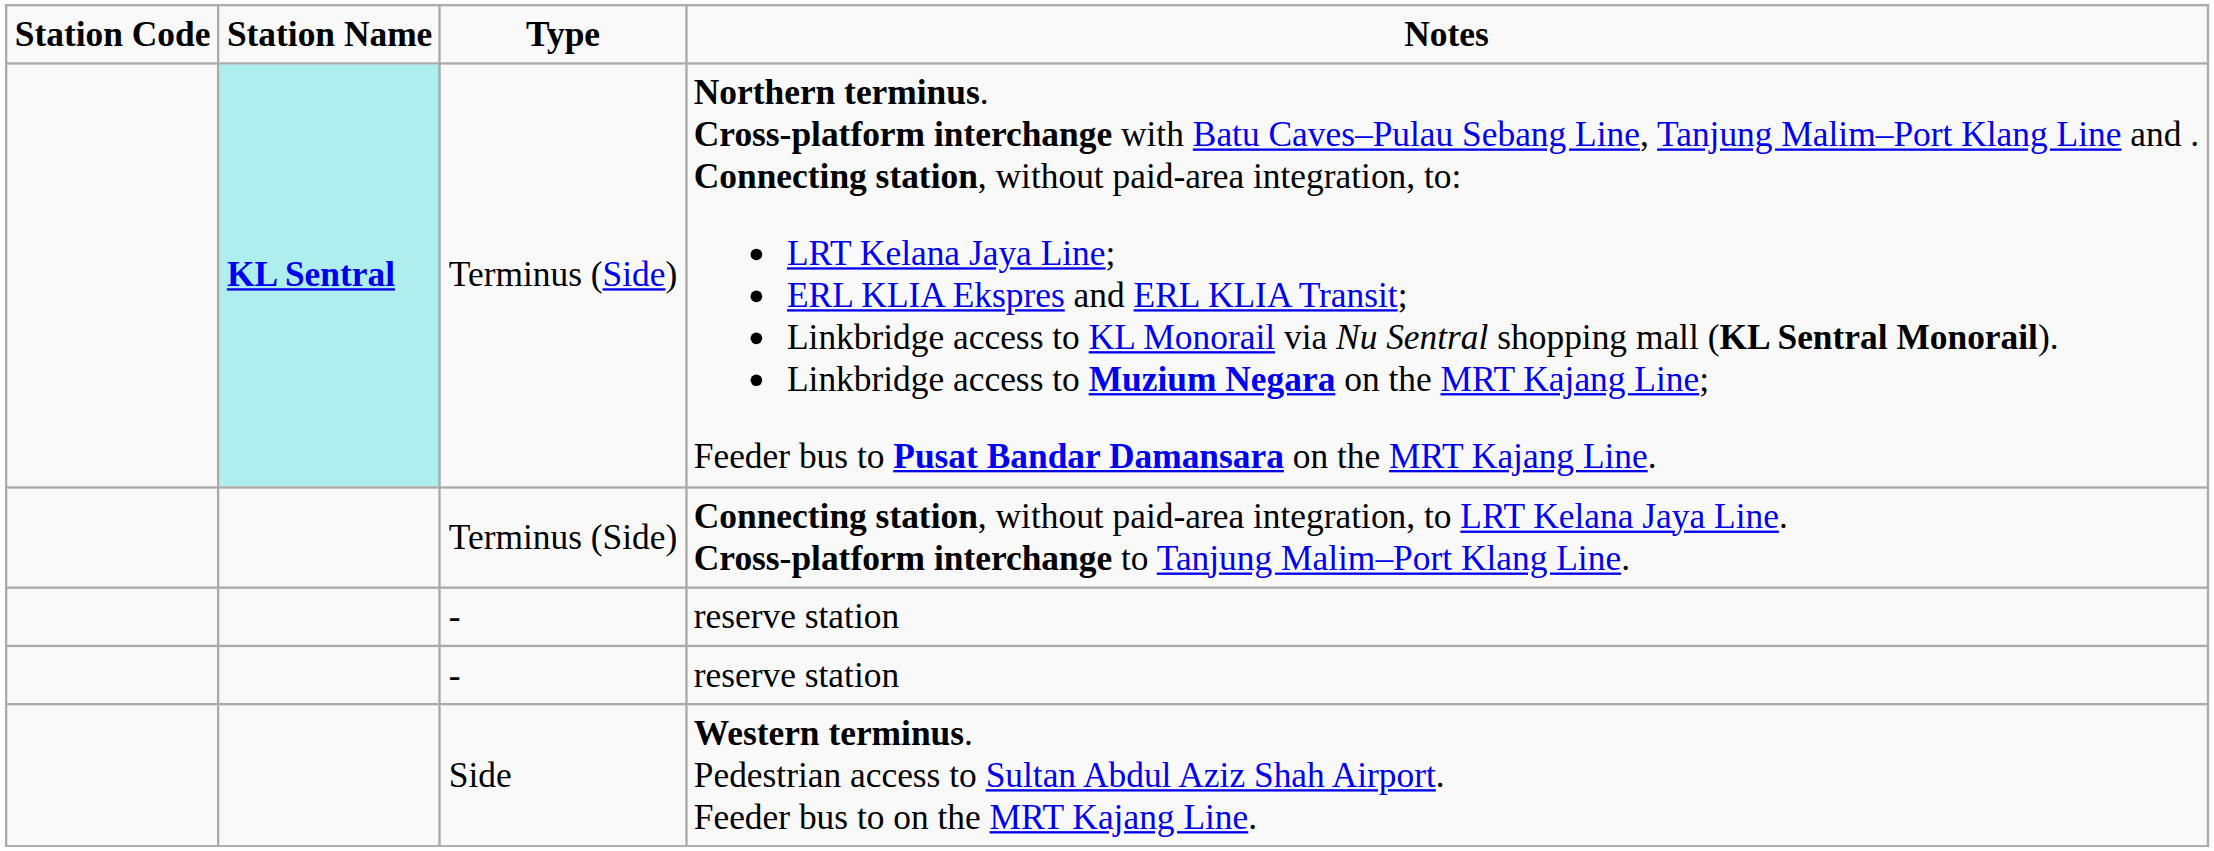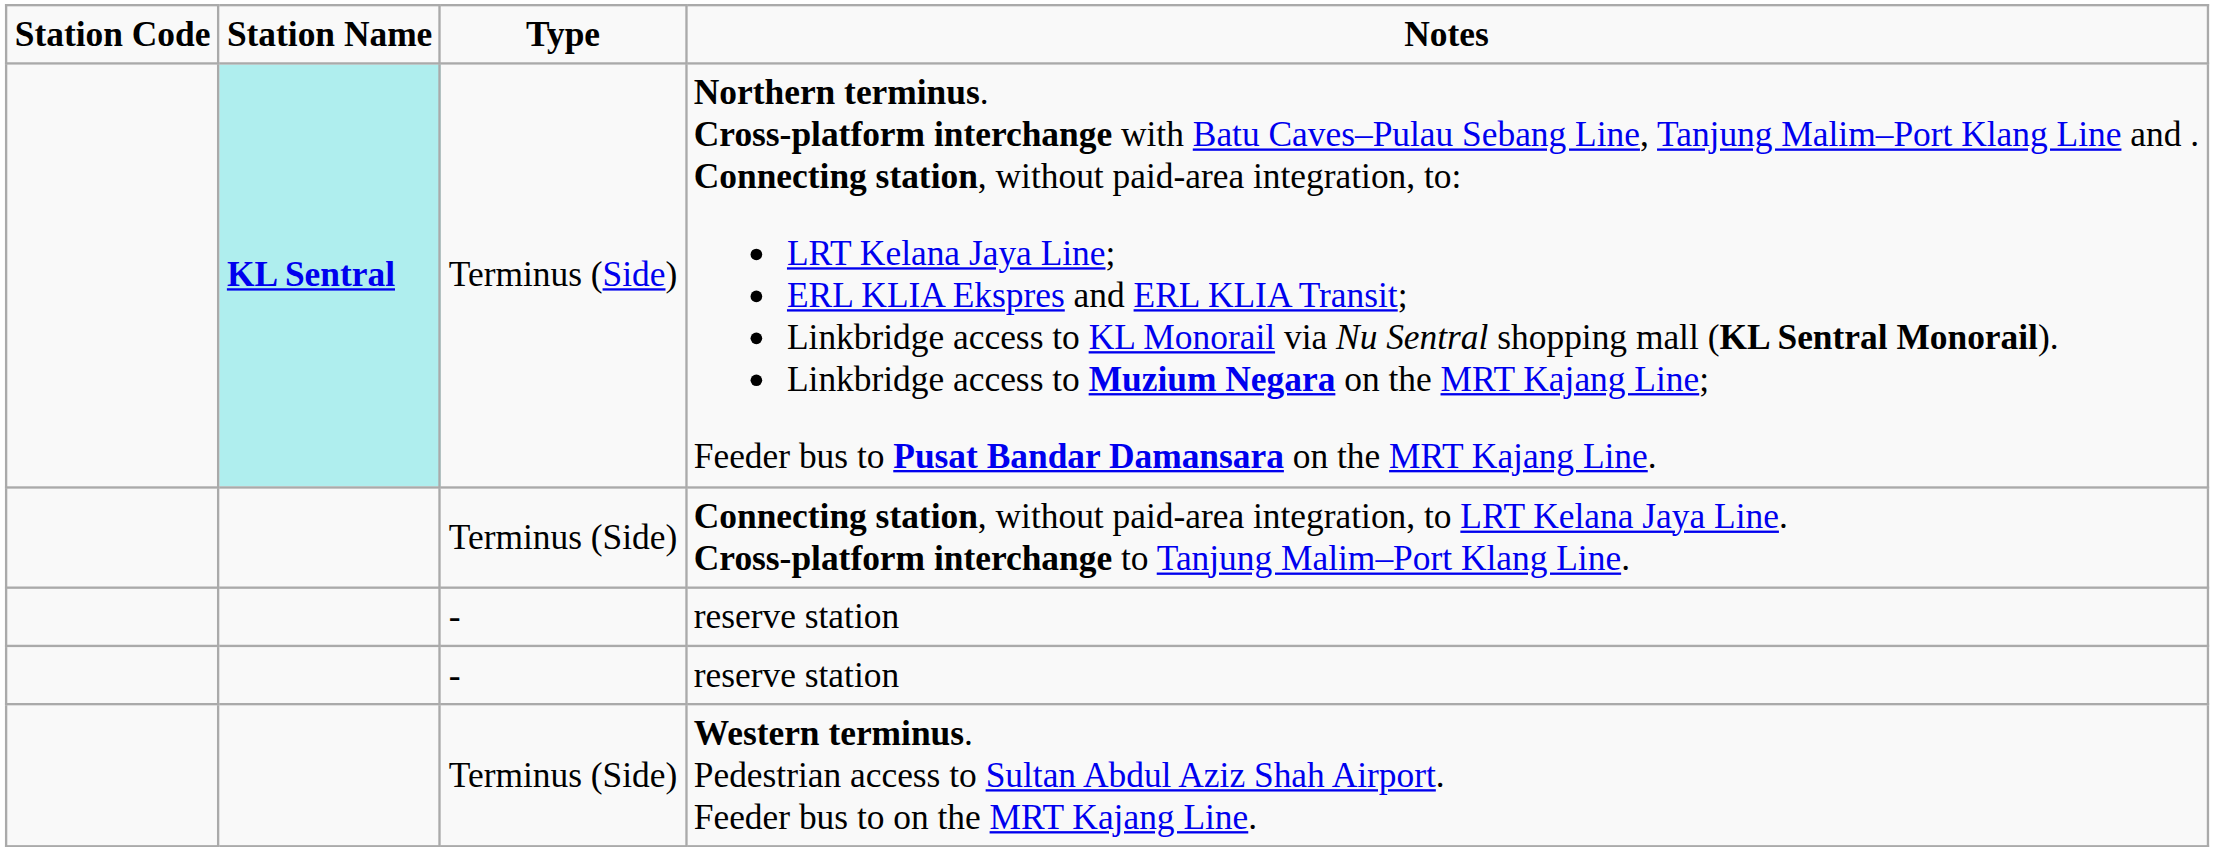 <table class="wikitable sortable" style="margin-left:1em; margin-bottom:1em; color:black; font-size:95%;">
 <tr align="center" bgcolor=>
 <td><strong>Station Code</strong></td>
 <td><strong>Station Name</strong></td>
 <td><strong>Type</strong></td>
 <td><strong>Notes</strong></td>
 </tr>
 <tr>
 <td></td>
 <td style="background: paleturquoise;"><strong><a href='#'>KL Sentral</a></strong></td>
 <td>Terminus (<a href='#'>Side</a>)</td>
 <td><strong>Northern terminus</strong>.<br><strong>Cross-platform interchange</strong> with  <a href='#'>Batu Caves–Pulau Sebang Line</a>, <a href='#'>Tanjung Malim–Port Klang Line</a> and .<br><strong>Connecting station</strong>, without paid-area integration, to:<ul><li> <a href='#'>LRT Kelana Jaya Line</a>;</li><li> <a href='#'>ERL KLIA Ekspres</a> and <a href='#'>ERL KLIA Transit</a>;</li><li>Linkbridge access to  <a href='#'>KL Monorail</a> via <em>Nu Sentral</em> shopping mall (<strong>KL Sentral Monorail</strong>).</li><li>Linkbridge access to  <a href='#'><strong>Muzium Negara</strong></a> on the <a href='#'>MRT Kajang Line</a>;</li></ul>Feeder bus  to  <a href='#'><strong>Pusat Bandar Damansara</strong></a> on the <a href='#'>MRT Kajang Line</a>.</td>
 </tr>
 <tr>
 <td></td>
 <td></td>
 <td>Terminus (Side)</td>
 <td><strong>Connecting station</strong>, without paid-area integration, to  <a href='#'>LRT Kelana Jaya Line</a>.<br><strong>Cross-platform interchange</strong> to  <a href='#'>Tanjung Malim–Port Klang Line</a>.</td>
 </tr>
 <tr>
 <td></td>
 <td><em></em></td>
 <td>-</td>
 <td>reserve station</td>
 </tr>
 <tr>
 <td></td>
 <td><em></em></td>
 <td>-</td>
 <td>reserve station</td>
 </tr>
 <tr>
 <td></td>
 <td><strong></strong></td>
-<td>Side</td>
+<td>Terminus (Side)</td>
 <td><strong>Western terminus</strong>.<br>Pedestrian access to <a href='#'>Sultan Abdul Aziz Shah Airport</a>.<br>Feeder bus  to  <strong></strong> on the <a href='#'>MRT Kajang Line</a>.</td>
 </tr>
 </table>
